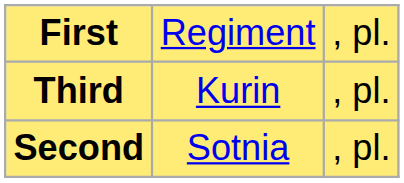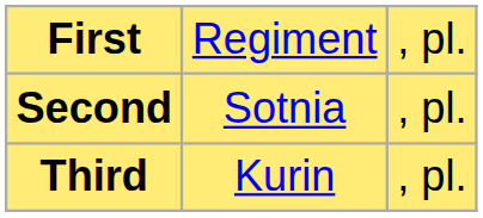 <table class="wikitable">
 <tr>
 <td style="background:#FFEC77; color:black; text-align:center;"><strong>First</strong></td>
 <td style="background:#FFEC77; color:black; text-align:center;"><a href='#'>Regiment</a></td>
 <td style="background:#FFEC77; color:black">, pl. </td>
 </tr>
 <tr>
+<td style="background:#FFEC77; color:black; text-align:center;"><strong>Second</strong></td>
+<td style="background:#FFEC77; color:black; text-align:center;"><a href='#'>Sotnia</a></td>
+<td style="background:#FFEC77; color:black">, pl. </td>
+</tr>
+<tr>
 <td style="background:#FFEC77; color:black; text-align:center;"><strong>Third</strong></td>
 <td style="background:#FFEC77; color:black; text-align:center;"><a href='#'>Kurin</a></td>
 <td style="background:#FFEC77; color:black">, pl. </td>
 </tr>
-<tr>
-<td style="background:#FFEC77; color:black; text-align:center;"><strong>Second</strong></td>
-<td style="background:#FFEC77; color:black; text-align:center;"><a href='#'>Sotnia</a></td>
-<td style="background:#FFEC77; color:black">, pl. </td>
-</tr>
 </table>
